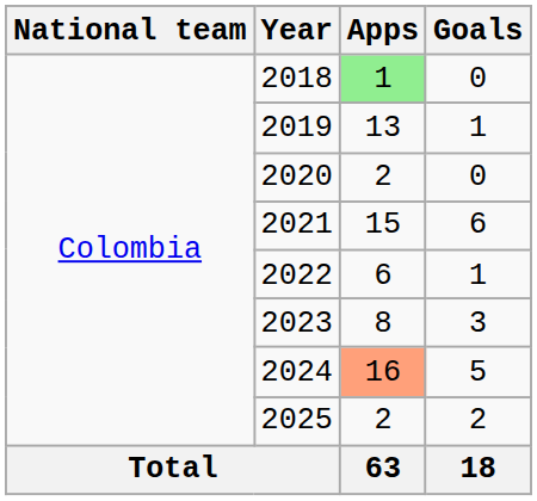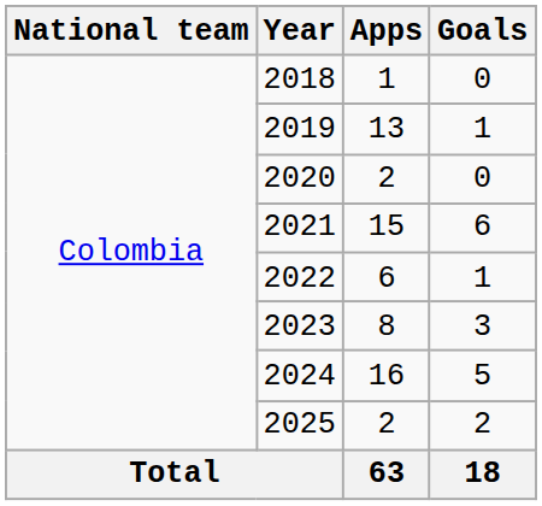 <table class="wikitable" style="text-align: center;">
 <tr>
 <th>National team</th>
 <th>Year</th>
 <th>Apps</th>
 <th>Goals</th>
 </tr>
 <tr>
 <td rowspan="8"><a href='#'>Colombia</a></td>
 <td>2018</td>
-<td style="background: lightgreen;">1</td>
+<td>1</td>
 <td>0</td>
 </tr>
 <tr>
 <td>2019</td>
 <td>13</td>
 <td>1</td>
 </tr>
 <tr>
 <td>2020</td>
 <td>2</td>
 <td>0</td>
 </tr>
 <tr>
 <td>2021</td>
 <td>15</td>
 <td>6</td>
 </tr>
 <tr>
 <td>2022</td>
 <td>6</td>
 <td>1</td>
 </tr>
 <tr>
 <td>2023</td>
 <td>8</td>
 <td>3</td>
 </tr>
 <tr>
 <td>2024</td>
-<td style="background: lightsalmon;">16</td>
+<td>16</td>
 <td>5</td>
 </tr>
 <tr>
 <td>2025</td>
 <td>2</td>
 <td>2</td>
 </tr>
 <tr>
 <th colspan="2">Total</th>
 <th>63</th>
 <th>18</th>
 </tr>
 </table>
